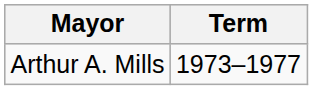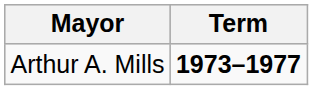 <table class="wikitable">
 <tr>
 <th>Mayor</th>
 <th>Term</th>
 </tr>
 <tr>
 <td>Arthur A. Mills</td>
-<td>1973–1977</td>
+<td><strong>1973–1977</strong></td>
 </tr>
 </table>
